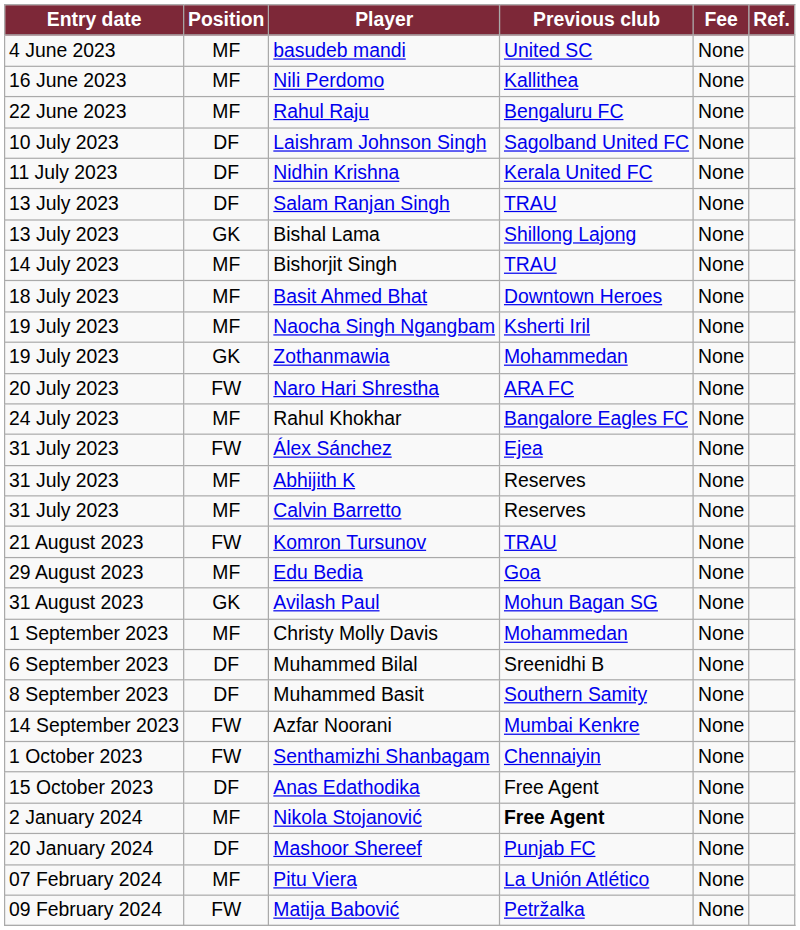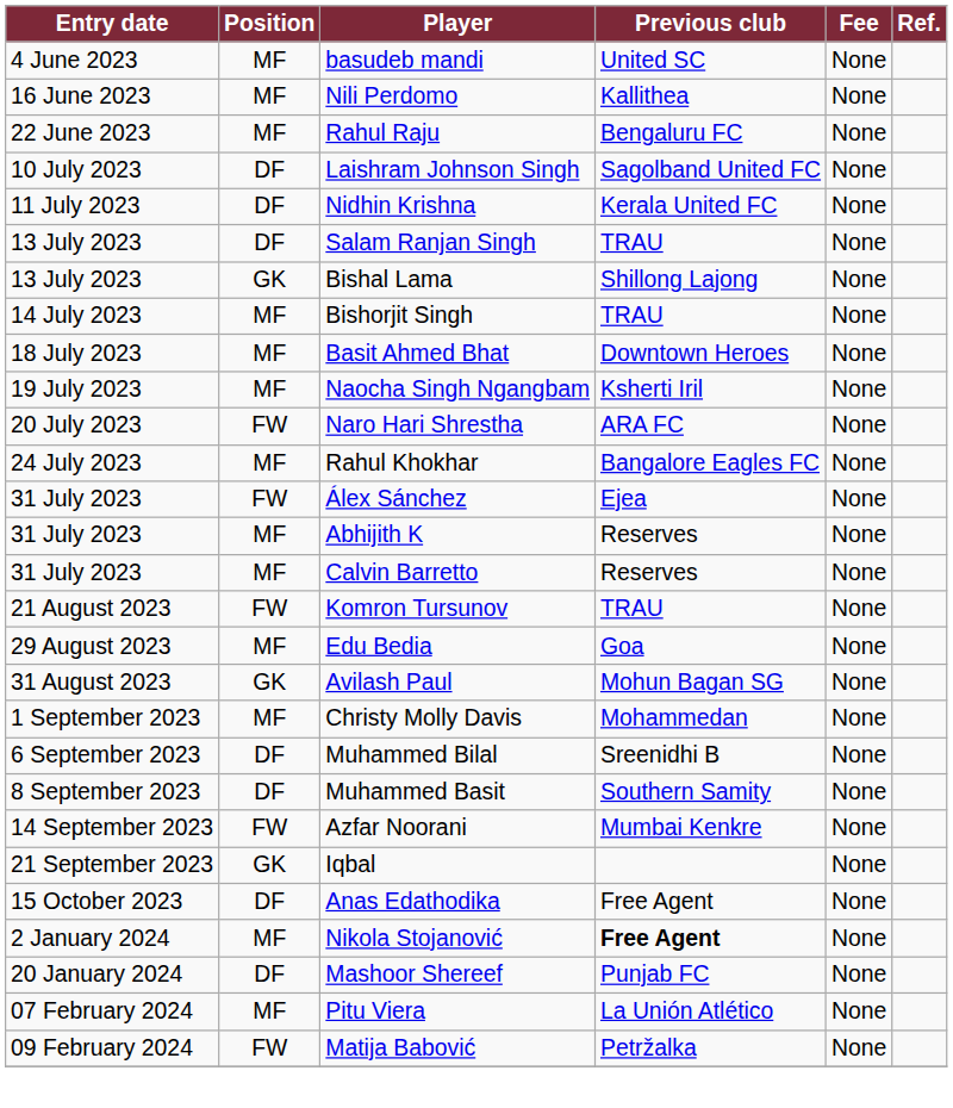 <table class="wikitable sortable">
 <tr>
 <th style="background:#7D2838; color:#FFFFFF;"><strong>Entry date</strong></th>
 <th style="background:#7D2838; color:white;"><strong>Position</strong></th>
 <th style="background:#7D2838; color:white;"><strong>Player</strong></th>
 <th style="background:#7D2838; color:white;"><strong>Previous club</strong></th>
 <th style="background:#7D2838; color:white;"><strong>Fee</strong></th>
 <th style="background:#7D2838; color:white;"><strong>Ref.</strong></th>
 </tr>
 <tr>
 <td>4 June 2023</td>
 <td style="text-align:center;">MF</td>
 <td style="text-align:left;"> <a href='#'>basudeb mandi</a></td>
 <td style="text-align:left;"> <a href='#'>United SC</a></td>
 <td>None</td>
 <td></td>
 </tr>
 <tr>
 <td>16 June 2023</td>
 <td style="text-align:center;">MF</td>
 <td style="text-align:left;"> <a href='#'>Nili Perdomo</a></td>
 <td style="text-align:left;"> <a href='#'>Kallithea</a></td>
 <td>None</td>
 <td></td>
 </tr>
 <tr>
 <td>22 June 2023</td>
 <td style="text-align:center;">MF</td>
 <td style="text-align:left;"> <a href='#'>Rahul Raju</a></td>
 <td style="text-align:left;"> <a href='#'>Bengaluru FC</a></td>
 <td>None</td>
 <td></td>
 </tr>
 <tr>
 <td>10 July 2023</td>
 <td style="text-align:center;">DF</td>
 <td style="text-align:left;"> <a href='#'>Laishram Johnson Singh</a></td>
 <td style="text-align:left;"> <a href='#'>Sagolband United FC</a></td>
 <td>None</td>
 <td></td>
 </tr>
 <tr>
 <td>11 July 2023</td>
 <td style="text-align:center;">DF</td>
 <td style="text-align:left;"> <a href='#'>Nidhin Krishna</a></td>
 <td style="text-align:left;"> <a href='#'>Kerala United FC</a></td>
 <td>None</td>
 <td></td>
 </tr>
 <tr>
 <td>13 July 2023</td>
 <td style="text-align:center;">DF</td>
 <td style="text-align:left;"> <a href='#'>Salam Ranjan Singh</a></td>
 <td style="text-align:left;"> <a href='#'>TRAU</a></td>
 <td>None</td>
 <td></td>
 </tr>
 <tr>
 <td>13 July 2023</td>
 <td style="text-align:center;">GK</td>
 <td style="text-align:left;"> Bishal Lama</td>
 <td style="text-align:left;"> <a href='#'>Shillong Lajong</a></td>
 <td>None</td>
 <td></td>
 </tr>
 <tr>
 <td>14 July 2023</td>
 <td style="text-align:center;">MF</td>
 <td style="text-align:left;"> Bishorjit Singh</td>
 <td style="text-align:left;"> <a href='#'>TRAU</a></td>
 <td>None</td>
 <td></td>
 </tr>
 <tr>
 <td>18 July 2023</td>
 <td style="text-align:center;">MF</td>
 <td style="text-align:left;"> <a href='#'>Basit Ahmed Bhat</a></td>
 <td style="text-align:left;"> <a href='#'>Downtown Heroes</a></td>
 <td>None</td>
 <td></td>
 </tr>
 <tr>
 <td>19 July 2023</td>
 <td style="text-align:center;">MF</td>
 <td style="text-align:left;"> <a href='#'>Naocha Singh Ngangbam</a></td>
 <td style="text-align:left;"> <a href='#'>Ksherti Iril</a></td>
-<td>None</td>
-<td></td>
-</tr>
-<tr>
-<td>19 July 2023</td>
-<td style="text-align:center;">GK</td>
-<td style="text-align:left;"> <a href='#'>Zothanmawia</a></td>
-<td style="text-align:left;"> <a href='#'>Mohammedan</a></td>
 <td>None</td>
 <td></td>
 </tr>
 <tr>
 <td>20 July 2023</td>
 <td style="text-align:center;">FW</td>
 <td style="text-align:left;"> <a href='#'>Naro Hari Shrestha</a></td>
 <td style="text-align:left;"> <a href='#'>ARA FC</a></td>
 <td>None</td>
 <td></td>
 </tr>
 <tr>
 <td>24 July 2023</td>
 <td style="text-align:center;">MF</td>
 <td style="text-align:left;"> Rahul Khokhar</td>
 <td style="text-align:left;"> <a href='#'>Bangalore Eagles FC</a></td>
 <td>None</td>
 <td></td>
 </tr>
 <tr>
 <td>31 July 2023</td>
 <td style="text-align:center;">FW</td>
 <td style="text-align:left;"> <a href='#'>Álex Sánchez</a></td>
 <td style="text-align:left;"> <a href='#'>Ejea</a></td>
 <td>None</td>
 <td></td>
 </tr>
 <tr>
 <td>31 July 2023</td>
 <td style="text-align:center;">MF</td>
 <td style="text-align:left;"> <a href='#'>Abhijith K</a></td>
 <td style="text-align:left;"> Reserves</td>
 <td>None</td>
 <td></td>
 </tr>
 <tr>
 <td>31 July 2023</td>
 <td style="text-align:center;">MF</td>
 <td style="text-align:left;"> <a href='#'>Calvin Barretto</a></td>
 <td style="text-align:left;"> Reserves</td>
 <td>None</td>
 <td></td>
 </tr>
 <tr>
 <td>21 August 2023</td>
 <td style="text-align:center;">FW</td>
 <td style="text-align:left;"> <a href='#'>Komron Tursunov</a></td>
 <td style="text-align:left;"> <a href='#'>TRAU</a></td>
 <td>None</td>
 <td></td>
 </tr>
 <tr>
 <td>29 August 2023</td>
 <td style="text-align:center;">MF</td>
 <td style="text-align:left;"> <a href='#'>Edu Bedia</a></td>
 <td style="text-align:left;"> <a href='#'>Goa</a></td>
 <td>None</td>
 <td></td>
 </tr>
 <tr>
 <td>31 August 2023</td>
 <td style="text-align:center;">GK</td>
 <td style="text-align:left;"> <a href='#'>Avilash Paul</a></td>
 <td style="text-align:left;"> <a href='#'>Mohun Bagan SG</a></td>
 <td>None</td>
 <td></td>
 </tr>
 <tr>
 <td>1 September 2023</td>
 <td style="text-align:center;">MF</td>
 <td style="text-align:left;"> Christy Molly Davis</td>
 <td style="text-align:left;"> <a href='#'>Mohammedan</a></td>
 <td>None</td>
 <td></td>
 </tr>
 <tr>
 <td>6 September 2023</td>
 <td style="text-align:center;">DF</td>
 <td style="text-align:left;"> Muhammed Bilal</td>
 <td style="text-align:left;"> Sreenidhi B</td>
 <td>None</td>
 <td></td>
 </tr>
 <tr>
 <td>8 September 2023</td>
 <td style="text-align:center;">DF</td>
 <td style="text-align:left;"> Muhammed Basit</td>
 <td style="text-align:left;"> <a href='#'>Southern Samity</a></td>
 <td>None</td>
 <td></td>
 </tr>
 <tr>
 <td>14 September 2023</td>
 <td style="text-align:center;">FW</td>
 <td style="text-align:left;"> Azfar Noorani</td>
 <td style="text-align:left;"> <a href='#'>Mumbai Kenkre</a></td>
 <td>None</td>
 <td></td>
 </tr>
 <tr>
-<td>1 October 2023</td>
-<td style="text-align:center;">FW</td>
-<td style="text-align:left;"> <a href='#'>Senthamizhi Shanbagam</a></td>
-<td style="text-align:left;"> <a href='#'>Chennaiyin</a></td>
+<td>21 September 2023</td>
+<td style="text-align:center;">GK</td>
+<td style="text-align:left;"> Iqbal</td>
+<td style="text-align:left;"></td>
 <td>None</td>
 <td></td>
 </tr>
 <tr>
 <td>15 October 2023</td>
 <td style="text-align:center;">DF</td>
 <td style="text-align:left;"> <a href='#'>Anas Edathodika</a></td>
 <td style="text-align:left;">Free Agent</td>
 <td>None</td>
 <td></td>
 </tr>
 <tr>
 <td>2 January 2024</td>
 <td style="text-align:center;">MF</td>
 <td style="text-align:left;"> <a href='#'>Nikola Stojanović</a></td>
 <td style="text-align:left;"><strong>Free Agent</strong></td>
 <td>None</td>
 <td></td>
 </tr>
 <tr>
 <td>20 January 2024</td>
 <td style="text-align:center;">DF</td>
 <td style="text-align:left;"> <a href='#'>Mashoor Shereef</a></td>
 <td style="text-align:left;"> <a href='#'>Punjab FC</a></td>
 <td>None</td>
 <td></td>
 </tr>
 <tr>
 <td>07 February 2024</td>
 <td style="text-align:center;">MF</td>
 <td style="text-align:left;"> <a href='#'>Pitu Viera</a></td>
 <td style="text-align:left;"> <a href='#'>La Unión Atlético</a></td>
 <td>None</td>
 <td></td>
 </tr>
 <tr>
 <td>09 February 2024</td>
 <td style="text-align:center;">FW</td>
 <td style="text-align:left;"> <a href='#'>Matija Babović</a></td>
 <td style="text-align:left;"> <a href='#'>Petržalka</a></td>
 <td>None</td>
 <td></td>
 </tr>
 <tr>
 </tr>
 </table>
